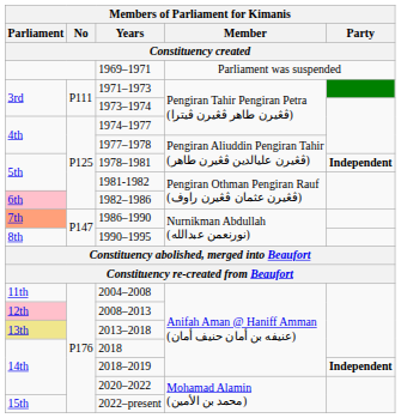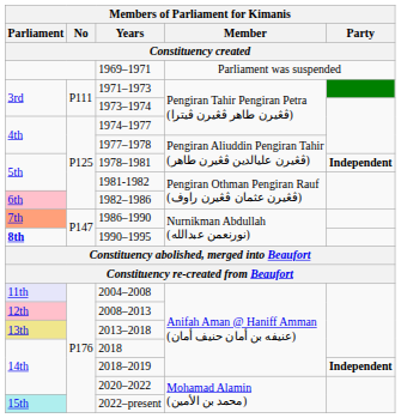 <table class=wikitable>
 <tr>
 <th colspan="5">Members of Parliament for Kimanis</th>
 </tr>
 <tr>
 <th>Parliament</th>
 <th>No</th>
 <th>Years</th>
 <th>Member</th>
 <th>Party</th>
 </tr>
 <tr>
 <th colspan="5" align="center"><em>Constituency created</em></th>
 </tr>
 <tr>
 <td colspan="2"></td>
 <td>1969–1971</td>
 <td colspan=2 align=center>Parliament was suspended</td>
 </tr>
 <tr>
 <td rowspan=2><a href='#'>3rd</a></td>
 <td rowspan="2">P111</td>
 <td>1971–1973</td>
 <td rowspan=3>Pengiran Tahir Pengiran Petra  <br>(ڤڠيرن طاهر ڤڠيرن ڤيترا)</td>
 <td bgcolor=#008000></td>
 </tr>
 <tr>
 <td>1973–1974</td>
 <td rowspan=3></td>
 </tr>
 <tr>
 <td rowspan=2><a href='#'>4th</a></td>
 <td rowspan="5">P125</td>
 <td>1974–1977</td>
 </tr>
 <tr>
 <td>1977–1978</td>
 <td rowspan=2>Pengiran Aliuddin Pengiran Tahir  <br> (ڤڠيرن عليالدين ڤڠيرن طاهر)</td>
 </tr>
 <tr>
 <td rowspan=2><a href='#'>5th</a></td>
 <td>1978–1981</td>
 <td><strong>Independent</strong></td>
 </tr>
 <tr>
 <td>1981-1982</td>
 <td rowspan=2>Pengiran Othman Pengiran Rauf  <br>(ڤڠيرن عثمان ڤڠيرن راوف)</td>
 <td rowspan="2"></td>
 </tr>
 <tr>
 <td style="background: pink;"><a href='#'>6th</a></td>
 <td>1982–1986</td>
 </tr>
 <tr>
 <td style="background: lightsalmon;"><a href='#'>7th</a></td>
 <td rowspan="2">P147</td>
 <td>1986–1990</td>
 <td rowspan=2>Nurnikman Abdullah <br> (نورنعمن عبدالله)</td>
 <td></td>
 </tr>
 <tr>
-<td><a href='#'>8th</a></td>
+<td><strong><a href='#'>8th</a></strong></td>
 <td>1990–1995</td>
 <td bgcolor=></td>
 </tr>
 <tr>
 <th colspan="5" align="center"><em>Constituency abolished, merged into <a href='#'>Beaufort</a></em></th>
 </tr>
 <tr>
 <th colspan="5" align="center"><em>Constituency re-created from <a href='#'>Beaufort</a></em></th>
 </tr>
 <tr>
-<td><a href='#'>11th</a></td>
+<td style="background: lavender;"><a href='#'>11th</a></td>
 <td rowspan="7">P176</td>
 <td>2004–2008</td>
 <td rowspan="5"><a href='#'>Anifah Aman @ Haniff Amman</a>  <br>(عنيفه بن أمان حنيف أمان)</td>
 <td rowspan="4"></td>
 </tr>
 <tr>
 <td style="background: pink;"><a href='#'>12th</a></td>
 <td>2008–2013</td>
 </tr>
 <tr>
 <td style="background: khaki;"><a href='#'>13th</a></td>
 <td>2013–2018</td>
 </tr>
 <tr>
 <td rowspan="3"><a href='#'>14th</a></td>
 <td>2018</td>
 </tr>
 <tr>
 <td>2018–2019</td>
 <td><strong>Independent</strong></td>
 </tr>
 <tr>
 <td>2020–2022</td>
 <td rowspan="2"><a href='#'>Mohamad Alamin</a>  <br> (محمد بن الأمين)</td>
 <td rowspan="2"></td>
 </tr>
 <tr>
-<td><a href='#'>15th</a></td>
+<td style="background: paleturquoise;"><a href='#'>15th</a></td>
 <td>2022–present</td>
 </tr>
 </table>
